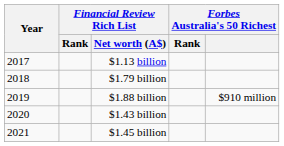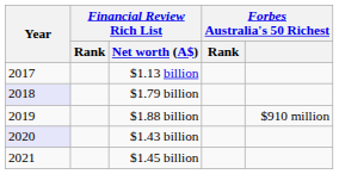 <table class="wikitable">
 <tr>
 <th rowspan=2>Year</th>
 <th colspan=2 width=40%><em><a href='#'>Financial Review</a></em><br><a href='#'>Rich List</a></th>
 <th colspan=2 width=40%><em><a href='#'>Forbes</a></em><br><a href='#'>Australia's 50 Richest</a></th>
 </tr>
 <tr>
 <th>Rank</th>
 <th><a href='#'>Net worth</a> (<a href='#'>A$</a>)</th>
 <th>Rank</th>
 <th></th>
 </tr>
 <tr>
 <td>2017</td>
 <td align="center"></td>
 <td align="right">$1.13 <a href='#'>billion</a></td>
 <td align="center"></td>
 <td align="right"></td>
 </tr>
 <tr>
-<td>2018</td>
+<td style="background: lavender;">2018</td>
 <td align="center"></td>
 <td align="right">$1.79 billion </td>
 <td align="center"></td>
 <td align="right"></td>
 </tr>
 <tr>
 <td>2019</td>
 <td align="center"></td>
 <td align="right">$1.88 billion </td>
 <td align="center"></td>
 <td align="right">$910 million </td>
 </tr>
 <tr>
-<td>2020</td>
+<td style="background: lavender;">2020</td>
 <td align="center"></td>
 <td align="right">$1.43 billion </td>
 <td align="center"></td>
 <td align="right"></td>
 </tr>
 <tr>
 <td>2021</td>
 <td align="center"></td>
 <td align="right">$1.45 billion </td>
 <td align="center"></td>
 <td align="right"></td>
 </tr>
 </table>
